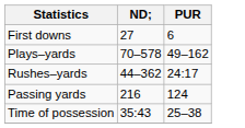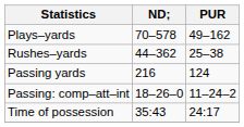 <table class="wikitable" style="float: left;">
 <tr>
 <th>Statistics</th>
 <th>ND;</th>
 <th>PUR</th>
-</tr>
-<tr>
-<td>First downs</td>
-<td>27</td>
-<td>6</td>
 </tr>
 <tr>
 <td>Plays–yards</td>
 <td>70–578</td>
 <td>49–162</td>
 </tr>
 <tr>
 <td>Rushes–yards</td>
 <td>44–362</td>
-<td>24:17</td>
+<td>25–38</td>
 </tr>
 <tr>
 <td>Passing yards</td>
 <td>216</td>
 <td>124</td>
 </tr>
 <tr>
+<td>Passing: comp–att–int</td>
+<td>18–26–0</td>
+<td>11–24–2</td>
+</tr>
+<tr>
 <td>Time of possession</td>
 <td>35:43</td>
-<td>25–38</td>
+<td>24:17</td>
 </tr>
 <tr>
 </tr>
 </table>
